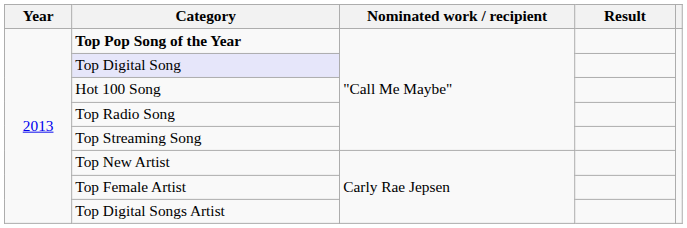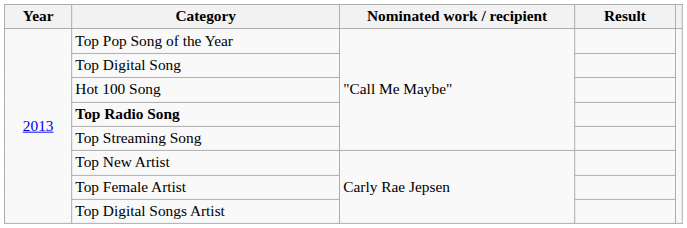 <table width="80%" class="wikitable">
 <tr>
 <th style="width:10%;">Year</th>
 <th style="width:40%;">Category</th>
 <th style="width:35%;">Nominated work / recipient</th>
 <th style="width:15%;">Result</th>
 <th></th>
 </tr>
 <tr>
 <td rowspan="8" style="text-align:center;"><a href='#'>2013</a></td>
-<td><strong>Top Pop Song of the Year</strong></td>
+<td>Top Pop Song of the Year</td>
 <td rowspan="5">"Call Me Maybe"</td>
 <td></td>
 <td rowspan="8" style="text-align:center;"></td>
 </tr>
 <tr>
-<td style="background: lavender;">Top Digital Song</td>
+<td>Top Digital Song</td>
 <td></td>
 </tr>
 <tr>
 <td>Hot 100 Song</td>
 <td></td>
 </tr>
 <tr>
-<td>Top Radio Song</td>
+<td><strong>Top Radio Song</strong></td>
 <td></td>
 </tr>
 <tr>
 <td>Top Streaming Song</td>
 <td></td>
 </tr>
 <tr>
 <td>Top New Artist</td>
 <td rowspan="3">Carly Rae Jepsen</td>
 <td></td>
 </tr>
 <tr>
 <td>Top Female Artist</td>
 <td></td>
 </tr>
 <tr>
 <td>Top Digital Songs Artist</td>
 <td></td>
 </tr>
 </table>
